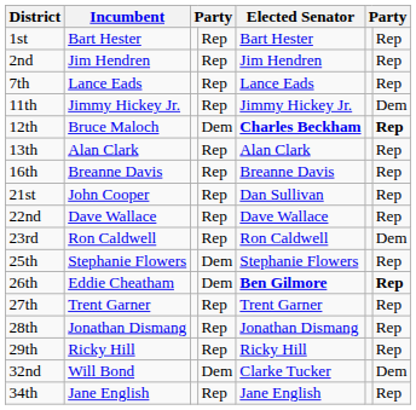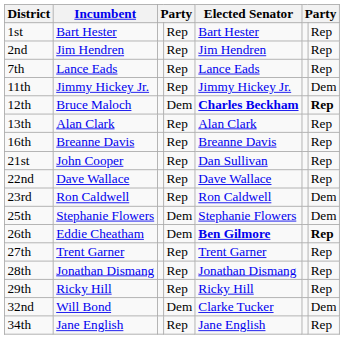 <table class="sortable wikitable" style="font-size:95%;line-height:14px;">
 <tr>
 <th class="unsortable">District</th>
 <th class="unsortable"><a href='#'>Incumbent</a></th>
 <th colspan="2">Party</th>
 <th class="unsortable">Elected Senator</th>
 <th colspan="2">Party</th>
 </tr>
 <tr>
 <td>1st</td>
 <td><a href='#'>Bart Hester</a></td>
 <td style="background:"></td>
 <td>Rep</td>
 <td><a href='#'>Bart Hester</a></td>
 <td style="background:"></td>
 <td>Rep</td>
 </tr>
 <tr>
 <td>2nd</td>
 <td><a href='#'>Jim Hendren</a></td>
 <td style="background:"></td>
 <td>Rep</td>
 <td><a href='#'>Jim Hendren</a></td>
 <td style="background:"></td>
 <td>Rep</td>
 </tr>
 <tr>
 <td>7th</td>
 <td><a href='#'>Lance Eads</a></td>
 <td style="background:"></td>
 <td>Rep</td>
 <td><a href='#'>Lance Eads</a></td>
 <td style="background:"></td>
 <td>Rep</td>
 </tr>
 <tr>
 <td>11th</td>
 <td><a href='#'>Jimmy Hickey Jr.</a></td>
 <td style="background:"></td>
 <td>Rep</td>
 <td><a href='#'>Jimmy Hickey Jr.</a></td>
 <td style="background:"></td>
 <td>Dem</td>
 </tr>
 <tr>
 <td>12th</td>
 <td><a href='#'>Bruce Maloch</a></td>
 <td style="background:"></td>
 <td>Dem</td>
 <td><strong><a href='#'>Charles Beckham</a></strong></td>
 <td style="background:"></td>
 <td><strong>Rep</strong></td>
 </tr>
 <tr>
 <td>13th</td>
 <td><a href='#'>Alan Clark</a></td>
 <td style="background:"></td>
 <td>Rep</td>
 <td><a href='#'>Alan Clark</a></td>
 <td style="background:"></td>
 <td>Rep</td>
 </tr>
 <tr>
 <td>16th</td>
 <td><a href='#'>Breanne Davis</a></td>
 <td style="background:"></td>
 <td>Rep</td>
 <td><a href='#'>Breanne Davis</a></td>
 <td style="background:"></td>
 <td>Rep</td>
 </tr>
 <tr>
 <td>21st</td>
 <td><a href='#'>John Cooper</a></td>
 <td style="background:"></td>
 <td>Rep</td>
 <td><a href='#'>Dan Sullivan</a></td>
 <td style="background:"></td>
 <td>Rep</td>
 </tr>
 <tr>
 <td>22nd</td>
 <td><a href='#'>Dave Wallace</a></td>
 <td style="background:"></td>
 <td>Rep</td>
 <td><a href='#'>Dave Wallace</a></td>
 <td style="background:"></td>
 <td>Rep</td>
 </tr>
 <tr>
 <td>23rd</td>
 <td><a href='#'>Ron Caldwell</a></td>
 <td style="background:"></td>
 <td>Rep</td>
 <td><a href='#'>Ron Caldwell</a></td>
 <td style="background:"></td>
 <td>Dem</td>
 </tr>
 <tr>
 <td>25th</td>
 <td><a href='#'>Stephanie Flowers</a></td>
 <td style="background:"></td>
 <td>Dem</td>
 <td><a href='#'>Stephanie Flowers</a></td>
 <td style="background:"></td>
-<td>Rep</td>
+<td>Dem</td>
 </tr>
 <tr>
 <td>26th</td>
 <td><a href='#'>Eddie Cheatham</a></td>
 <td style="background:"></td>
 <td>Dem</td>
 <td><strong><a href='#'>Ben Gilmore</a></strong></td>
 <td style="background:"></td>
 <td><strong>Rep</strong></td>
 </tr>
 <tr>
 <td>27th</td>
 <td><a href='#'>Trent Garner</a></td>
 <td style="background:"></td>
 <td>Rep</td>
 <td><a href='#'>Trent Garner</a></td>
 <td style="background:"></td>
 <td>Rep</td>
 </tr>
 <tr>
 <td>28th</td>
 <td><a href='#'>Jonathan Dismang</a></td>
 <td style="background:"></td>
 <td>Rep</td>
 <td><a href='#'>Jonathan Dismang</a></td>
 <td style="background:"></td>
 <td>Rep</td>
 </tr>
 <tr>
 <td>29th</td>
 <td><a href='#'>Ricky Hill</a></td>
 <td style="background:"></td>
 <td>Rep</td>
 <td><a href='#'>Ricky Hill</a></td>
 <td style="background:"></td>
 <td>Rep</td>
 </tr>
 <tr>
 <td>32nd</td>
 <td><a href='#'>Will Bond</a></td>
 <td style="background:"></td>
 <td>Dem</td>
 <td><a href='#'>Clarke Tucker</a></td>
 <td style="background:"></td>
 <td>Dem</td>
 </tr>
 <tr>
 <td>34th</td>
 <td><a href='#'>Jane English</a></td>
 <td style="background:"></td>
 <td>Rep</td>
 <td><a href='#'>Jane English</a></td>
 <td style="background:"></td>
 <td>Rep</td>
 </tr>
 </table>
